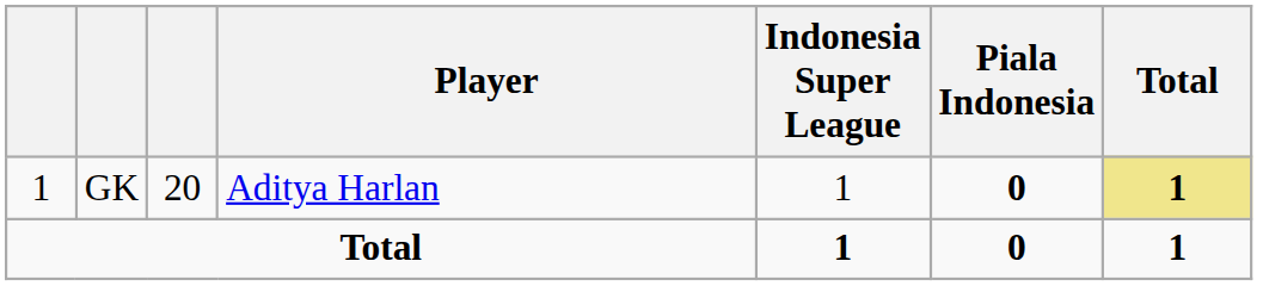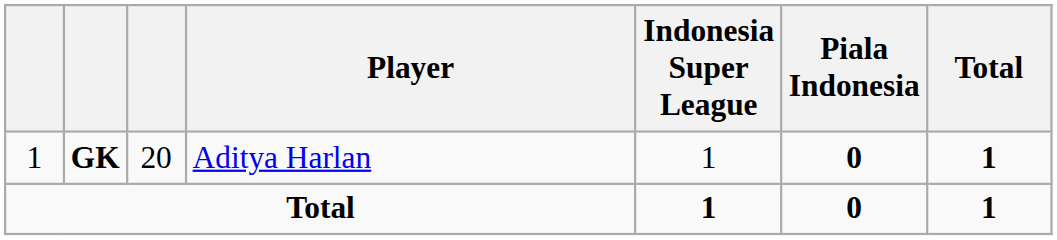 <table class="wikitable" style="font-size: 90%; text-align: center;">
 <tr>
 <th width=20></th>
 <th width=20></th>
 <th width=20></th>
 <th width=200>Player</th>
 <th width=50>Indonesia Super League</th>
 <th width=50>Piala Indonesia</th>
 <th width=50><strong>Total</strong></th>
 </tr>
 <tr>
 <td>1</td>
-<td>GK</td>
+<td><strong>GK</strong></td>
 <td>20</td>
 <td align=left> <a href='#'>Aditya Harlan</a></td>
 <td>1</td>
 <td><strong>0</strong></td>
-<td style="background: khaki;"><strong>1</strong></td>
+<td><strong>1</strong></td>
 </tr>
 <tr>
 <td colspan="4"><strong>Total</strong></td>
 <td><strong>1</strong></td>
 <td><strong>0</strong></td>
 <td><strong>1</strong></td>
 </tr>
 </table>
